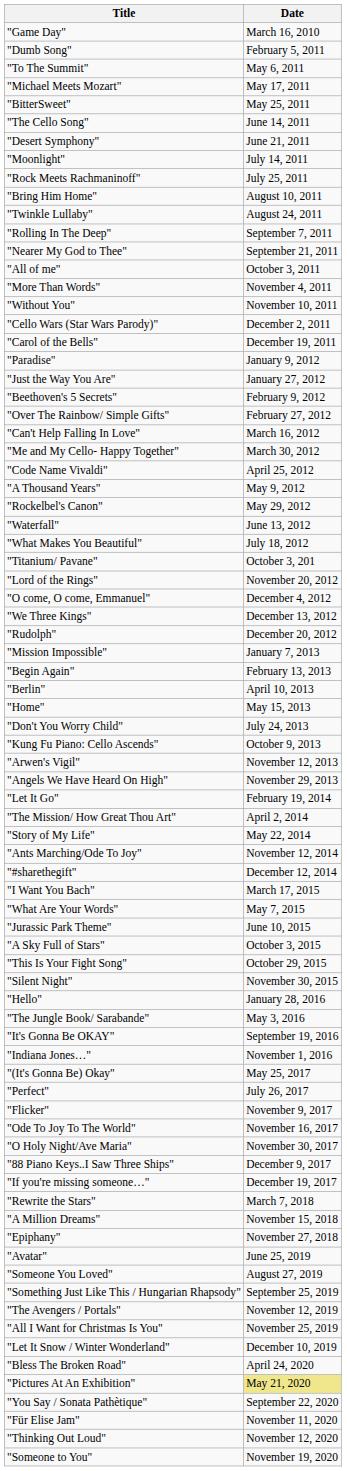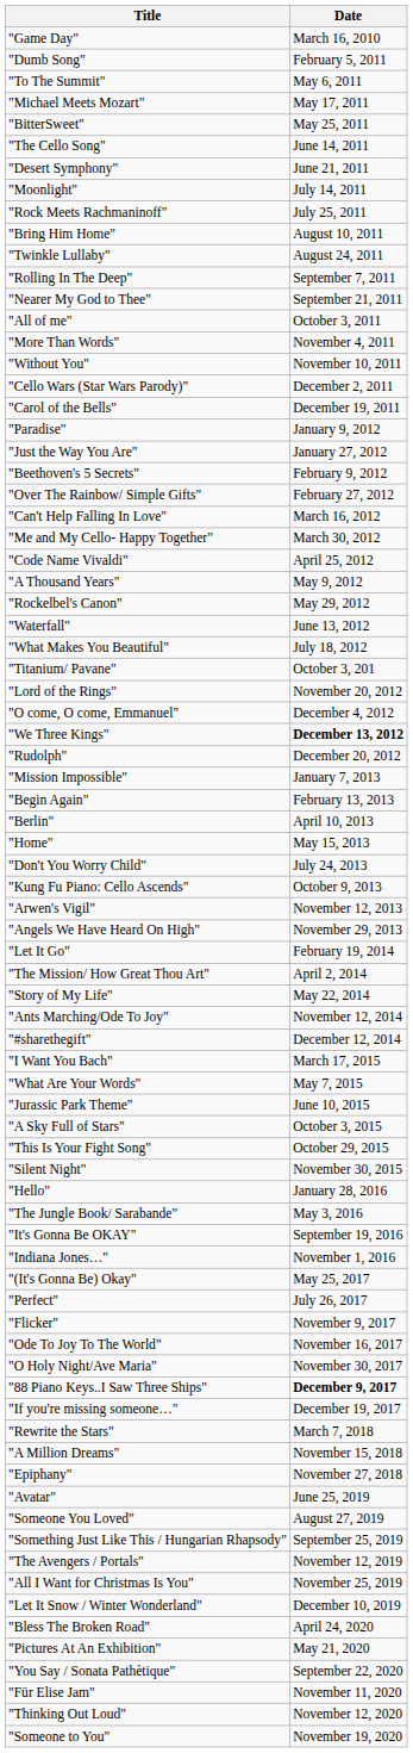 <table class="wikitable sortable">
 <tr>
 <th>Title</th>
 <th>Date</th>
 </tr>
 <tr>
 <td>"Game Day"</td>
 <td>March 16, 2010</td>
 </tr>
 <tr>
 <td>"Dumb Song"</td>
 <td>February 5, 2011</td>
 </tr>
 <tr>
 <td>"To The Summit"</td>
 <td>May 6, 2011</td>
 </tr>
 <tr>
 <td>"Michael Meets Mozart"</td>
 <td>May 17, 2011</td>
 </tr>
 <tr>
 <td>"BitterSweet"</td>
 <td>May 25, 2011</td>
 </tr>
 <tr>
 <td>"The Cello Song"</td>
 <td>June 14, 2011</td>
 </tr>
 <tr>
 <td>"Desert Symphony"</td>
 <td>June 21, 2011</td>
 </tr>
 <tr>
 <td>"Moonlight"</td>
 <td>July 14, 2011</td>
 </tr>
 <tr>
 <td>"Rock Meets Rachmaninoff"</td>
 <td>July 25, 2011</td>
 </tr>
 <tr>
 <td>"Bring Him Home"</td>
 <td>August 10, 2011</td>
 </tr>
 <tr>
 <td>"Twinkle Lullaby"</td>
 <td>August 24, 2011</td>
 </tr>
 <tr>
 <td>"Rolling In The Deep"</td>
 <td>September 7, 2011</td>
 </tr>
 <tr>
 <td>"Nearer My God to Thee"</td>
 <td>September 21, 2011</td>
 </tr>
 <tr>
 <td>"All of me"</td>
 <td>October 3, 2011</td>
 </tr>
 <tr>
 <td>"More Than Words"</td>
 <td>November 4, 2011</td>
 </tr>
 <tr>
 <td>"Without You"</td>
 <td>November 10, 2011</td>
 </tr>
 <tr>
 <td>"Cello Wars (Star Wars Parody)"</td>
 <td>December 2, 2011</td>
 </tr>
 <tr>
 <td>"Carol of the Bells"</td>
 <td>December 19, 2011</td>
 </tr>
 <tr>
 <td>"Paradise"</td>
 <td>January 9, 2012</td>
 </tr>
 <tr>
 <td>"Just the Way You Are"</td>
 <td>January 27, 2012</td>
 </tr>
 <tr>
 <td>"Beethoven's 5 Secrets"</td>
 <td>February 9, 2012</td>
 </tr>
 <tr>
 <td>"Over The Rainbow/ Simple Gifts"</td>
 <td>February 27, 2012</td>
 </tr>
 <tr>
 <td>"Can't Help Falling In Love"</td>
 <td>March 16, 2012</td>
 </tr>
 <tr>
 <td>"Me and My Cello- Happy Together"</td>
 <td>March 30, 2012</td>
 </tr>
 <tr>
 <td>"Code Name Vivaldi"</td>
 <td>April 25, 2012</td>
 </tr>
 <tr>
 <td>"A Thousand Years"</td>
 <td>May 9, 2012</td>
 </tr>
 <tr>
 <td>"Rockelbel's Canon"</td>
 <td>May 29, 2012</td>
 </tr>
 <tr>
 <td>"Waterfall"</td>
 <td>June 13, 2012</td>
 </tr>
 <tr>
 <td>"What Makes You Beautiful"</td>
 <td>July 18, 2012</td>
 </tr>
 <tr>
 <td>"Titanium/ Pavane"</td>
 <td>October 3, 201</td>
 </tr>
 <tr>
 <td>"Lord of the Rings"</td>
 <td>November 20, 2012</td>
 </tr>
 <tr>
 <td>"O come, O come, Emmanuel"</td>
 <td>December 4, 2012</td>
 </tr>
 <tr>
 <td>"We Three Kings"</td>
-<td>December 13, 2012</td>
+<td><strong>December 13, 2012</strong></td>
 </tr>
 <tr>
 <td>"Rudolph"</td>
 <td>December 20, 2012</td>
 </tr>
 <tr>
 <td>"Mission Impossible"</td>
 <td>January 7, 2013</td>
 </tr>
 <tr>
 <td>"Begin Again"</td>
 <td>February 13, 2013</td>
 </tr>
 <tr>
 <td>"Berlin"</td>
 <td>April 10, 2013</td>
 </tr>
 <tr>
 <td>"Home"</td>
 <td>May 15, 2013</td>
 </tr>
 <tr>
 <td>"Don't You Worry Child"</td>
 <td>July 24, 2013</td>
 </tr>
 <tr>
 <td>"Kung Fu Piano: Cello Ascends"</td>
 <td>October 9, 2013</td>
 </tr>
 <tr>
 <td>"Arwen's Vigil"</td>
 <td>November 12, 2013</td>
 </tr>
 <tr>
 <td>"Angels We Have Heard On High"</td>
 <td>November 29, 2013</td>
 </tr>
 <tr>
 <td>"Let It Go"</td>
 <td>February 19, 2014</td>
 </tr>
 <tr>
 <td>"The Mission/ How Great Thou Art"</td>
 <td>April 2, 2014</td>
 </tr>
 <tr>
 <td>"Story of My Life"</td>
 <td>May 22, 2014</td>
 </tr>
 <tr>
 <td>"Ants Marching/Ode To Joy"</td>
 <td>November 12, 2014</td>
 </tr>
 <tr>
 <td>"#sharethegift"</td>
 <td>December 12, 2014</td>
 </tr>
 <tr>
 <td>"I Want You Bach"</td>
 <td>March 17, 2015</td>
 </tr>
 <tr>
 <td>"What Are Your Words"</td>
 <td>May 7, 2015</td>
 </tr>
 <tr>
 <td>"Jurassic Park Theme"</td>
 <td>June 10, 2015</td>
 </tr>
 <tr>
 <td>"A Sky Full of Stars"</td>
 <td>October 3, 2015</td>
 </tr>
 <tr>
 <td>"This Is Your Fight Song"</td>
 <td>October 29, 2015</td>
 </tr>
 <tr>
 <td>"Silent Night"</td>
 <td>November 30, 2015</td>
 </tr>
 <tr>
 <td>"Hello"</td>
 <td>January 28, 2016</td>
 </tr>
 <tr>
 <td>"The Jungle Book/ Sarabande"</td>
 <td>May 3, 2016</td>
 </tr>
 <tr>
 <td>"It's Gonna Be OKAY"</td>
 <td>September 19, 2016</td>
 </tr>
 <tr>
 <td>"Indiana Jones…"</td>
 <td>November 1, 2016</td>
 </tr>
 <tr>
 <td>"(It's Gonna Be) Okay"</td>
 <td>May 25, 2017</td>
 </tr>
 <tr>
 <td>"Perfect"</td>
 <td>July 26, 2017</td>
 </tr>
 <tr>
 <td>"Flicker"</td>
 <td>November 9, 2017</td>
 </tr>
 <tr>
 <td>"Ode To Joy To The World"</td>
 <td>November 16, 2017</td>
 </tr>
 <tr>
 <td>"O Holy Night/Ave Maria"</td>
 <td>November 30, 2017</td>
 </tr>
 <tr>
 <td>"88 Piano Keys..I Saw Three Ships"</td>
-<td>December 9, 2017</td>
+<td><strong>December 9, 2017</strong></td>
 </tr>
 <tr>
 <td>"If you're missing someone…"</td>
 <td>December 19, 2017</td>
 </tr>
 <tr>
 <td>"Rewrite the Stars"</td>
 <td>March 7, 2018</td>
 </tr>
 <tr>
 <td>"A Million Dreams"</td>
 <td>November 15, 2018</td>
 </tr>
 <tr>
 <td>"Epiphany"</td>
 <td>November 27, 2018</td>
 </tr>
 <tr>
 <td>"Avatar"</td>
 <td>June 25, 2019</td>
 </tr>
 <tr>
 <td>"Someone You Loved"</td>
 <td>August 27, 2019</td>
 </tr>
 <tr>
 <td>"Something Just Like This / Hungarian Rhapsody"</td>
 <td>September 25, 2019</td>
 </tr>
 <tr>
 <td>"The Avengers / Portals"</td>
 <td>November 12, 2019</td>
 </tr>
 <tr>
 <td>"All I Want for Christmas Is You"</td>
 <td>November 25, 2019</td>
 </tr>
 <tr>
 <td>"Let It Snow / Winter Wonderland"</td>
 <td>December 10, 2019</td>
 </tr>
 <tr>
 <td>"Bless The Broken Road"</td>
 <td>April 24, 2020</td>
 </tr>
 <tr>
 <td>"Pictures At An Exhibition"</td>
-<td style="background: khaki;">May 21, 2020</td>
+<td>May 21, 2020</td>
 </tr>
 <tr>
 <td>"You Say / Sonata Pathètique"</td>
 <td>September 22, 2020</td>
 </tr>
 <tr>
 <td>"Für Elise Jam"</td>
 <td>November 11, 2020</td>
 </tr>
 <tr>
 <td>"Thinking Out Loud"</td>
 <td>November 12, 2020</td>
 </tr>
 <tr>
 <td>"Someone to You"</td>
 <td>November 19, 2020</td>
 </tr>
 </table>
